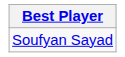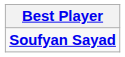 <table class=wikitable style="text-align:center; margin:auto">
 <tr>
 <th><a href='#'>Best Player</a></th>
 </tr>
 <tr>
-<td> <a href='#'>Soufyan Sayad</a></td>
+<td><strong> <a href='#'>Soufyan Sayad</a></strong></td>
 </tr>
 </table>
